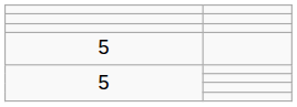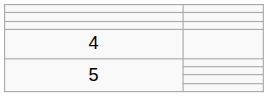 <table class="wikitable" width="230px">
 <tr>
 <td align=center></td>
 <td></td>
 </tr>
 <tr>
 <td align=center></td>
 <td></td>
 </tr>
 <tr>
 <td align=center></td>
 <td></td>
 </tr>
 <tr>
-<td align=center>5</td>
+<td align=center>4</td>
 <td></td>
 </tr>
 <tr>
 <td rowspan=4 align=center>5</td>
 <td align"left"></td>
 </tr>
 <tr>
 <td align"left"></td>
 </tr>
 <tr>
 <td align"left"></td>
 </tr>
 <tr>
 <td align"left"></td>
 </tr>
 </table>
